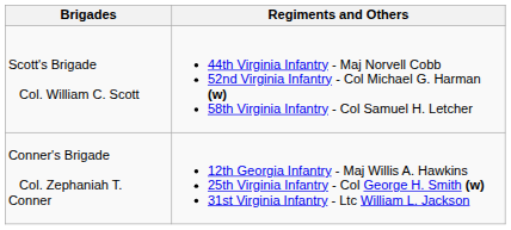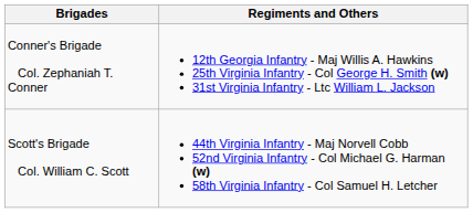 <table class="wikitable">
 <tr>
 <th>Brigades</th>
 <th>Regiments and Others</th>
 </tr>
 <tr>
+<td>Conner's Brigade<br><br>   Col. Zephaniah T. Conner</td>
+<td><br><ul><li><a href='#'>12th Georgia Infantry</a> - Maj Willis A. Hawkins</li><li><a href='#'>25th Virginia Infantry</a> - Col <a href='#'>George H. Smith</a> <strong>(w)</strong></li><li><a href='#'>31st Virginia Infantry</a> - Ltc <a href='#'>William L. Jackson</a></li></ul></td>
+</tr>
+<tr>
 <td>Scott's Brigade<br><br>   Col. William C. Scott</td>
 <td><br><ul><li><a href='#'>44th Virginia Infantry</a> - Maj Norvell Cobb</li><li><a href='#'>52nd Virginia Infantry</a> - Col Michael G. Harman <strong>(w)</strong></li><li><a href='#'>58th Virginia Infantry</a> - Col Samuel H. Letcher</li></ul></td>
 </tr>
-<tr>
-<td>Conner's Brigade<br><br>   Col. Zephaniah T. Conner</td>
-<td><br><ul><li><a href='#'>12th Georgia Infantry</a> - Maj Willis A. Hawkins</li><li><a href='#'>25th Virginia Infantry</a> - Col <a href='#'>George H. Smith</a> <strong>(w)</strong></li><li><a href='#'>31st Virginia Infantry</a> - Ltc <a href='#'>William L. Jackson</a></li></ul></td>
-</tr>
 </table>
